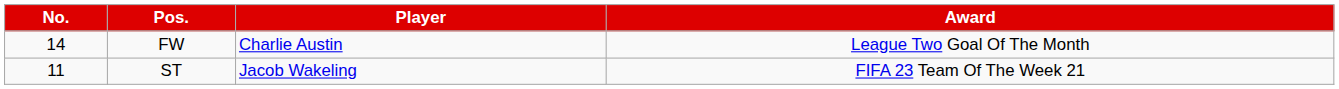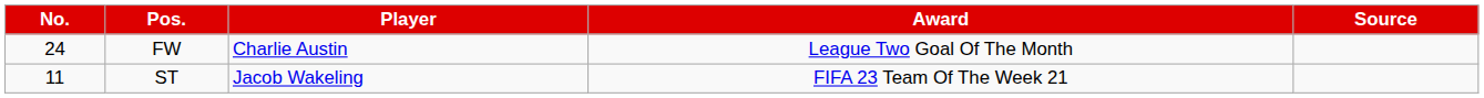 <table class="wikitable" style="text-align:center;width:80%;">
 <tr>
 <th style="background:#DD0000;color:#fff;">No.</th>
 <th style="background:#DD0000;color:#fff;">Pos.</th>
 <th style="background:#DD0000;color:#fff;">Player</th>
 <th style="background:#DD0000;color:#fff;">Award</th>
+<th style="background:#DD0000;color:#fff;">Source</th>
 </tr>
 <tr>
-<td rowspan=1>14</td>
+<td rowspan=1>24</td>
 <td rowspan=1>FW</td>
 <td rowspan=1; align=left> <a href='#'>Charlie Austin</a></td>
 <td><a href='#'>League Two</a> Goal Of The Month</td>
+<td></td>
 </tr>
 <tr>
 <td rowspan=1>11</td>
 <td rowspan=1>ST</td>
 <td rowspan=1; align=left> <a href='#'>Jacob Wakeling</a></td>
 <td><a href='#'>FIFA 23</a> Team Of The Week 21</td>
+<td></td>
 </tr>
 </table>
